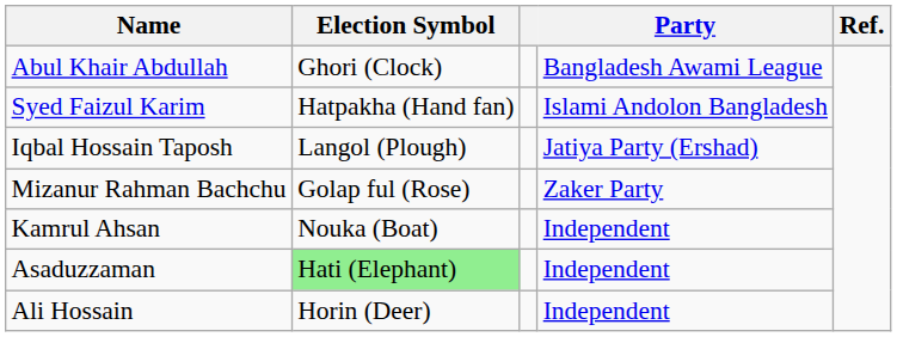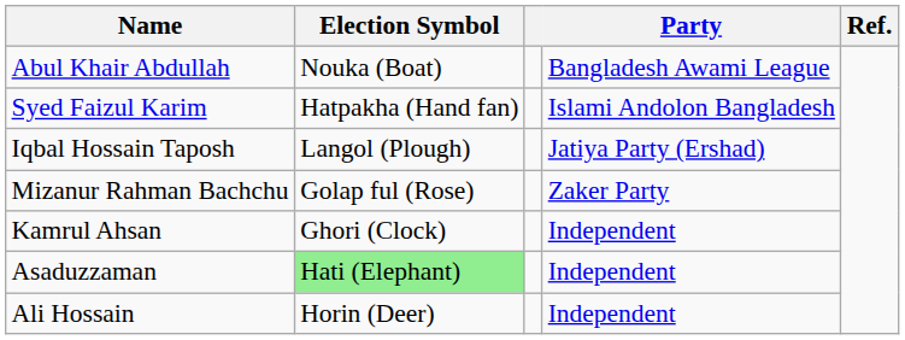 <table class="wikitable">
 <tr>
 <th colspan="1">Name</th>
 <th>Election Symbol</th>
 <th class="unsortable"> </th>
 <th style="border-left-style:hidden; padding:0.1em 0;"><a href='#'>Party</a></th>
 <th>Ref.</th>
 </tr>
 <tr>
 <td><a href='#'>Abul Khair Abdullah</a></td>
-<td>Ghori (Clock)</td>
+<td>Nouka (Boat)</td>
 <td></td>
 <td><a href='#'>Bangladesh Awami League</a></td>
 <td rowspan="7"></td>
 </tr>
 <tr>
 <td><a href='#'>Syed Faizul Karim</a></td>
 <td>Hatpakha (Hand fan)</td>
 <td></td>
 <td><a href='#'>Islami Andolon Bangladesh</a></td>
 </tr>
 <tr>
 <td>Iqbal Hossain Taposh</td>
 <td>Langol (Plough)</td>
 <td></td>
 <td><a href='#'>Jatiya Party (Ershad)</a></td>
 </tr>
 <tr>
 <td>Mizanur Rahman Bachchu</td>
 <td>Golap ful (Rose)</td>
 <td></td>
 <td><a href='#'>Zaker Party</a></td>
 </tr>
 <tr>
 <td>Kamrul Ahsan</td>
-<td>Nouka (Boat)</td>
+<td>Ghori (Clock)</td>
 <td></td>
 <td><a href='#'>Independent</a></td>
 </tr>
 <tr>
 <td>Asaduzzaman</td>
 <td style="background: lightgreen;">Hati (Elephant)</td>
 <td></td>
 <td><a href='#'>Independent</a></td>
 </tr>
 <tr>
 <td>Ali Hossain</td>
 <td>Horin (Deer)</td>
 <td></td>
 <td><a href='#'>Independent</a></td>
 </tr>
 </table>
